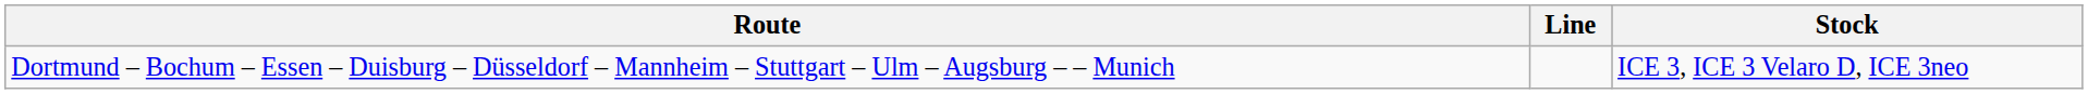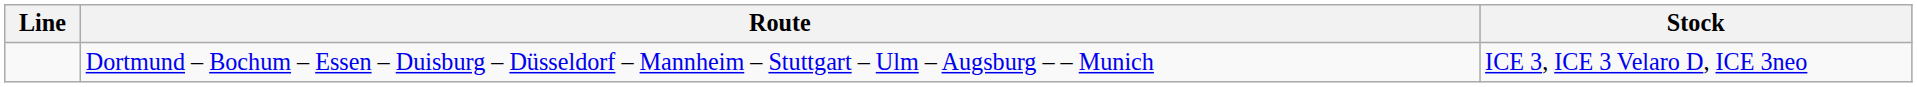 <table class="wikitable" width="100%">
 <tr>
+<th>Line</th>
 <th>Route</th>
-<th>Line</th>
 <th>Stock</th>
 </tr>
 <tr>
+<td></td>
 <td><a href='#'>Dortmund</a> – <a href='#'>Bochum</a> – <a href='#'>Essen</a> – <a href='#'>Duisburg</a> – <a href='#'>Düsseldorf</a> –   <a href='#'>Mannheim</a> – <a href='#'>Stuttgart</a> – <a href='#'>Ulm</a> – <a href='#'>Augsburg</a> –  – <a href='#'>Munich</a></td>
-<td></td>
 <td><a href='#'>ICE 3</a>, <a href='#'>ICE 3 Velaro D</a>, <a href='#'>ICE 3neo</a></td>
 </tr>
 </table>
